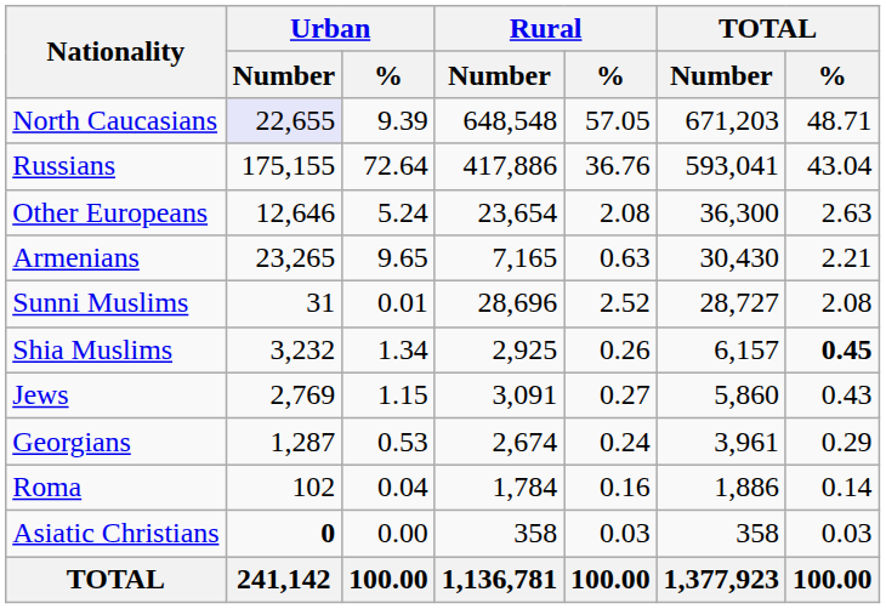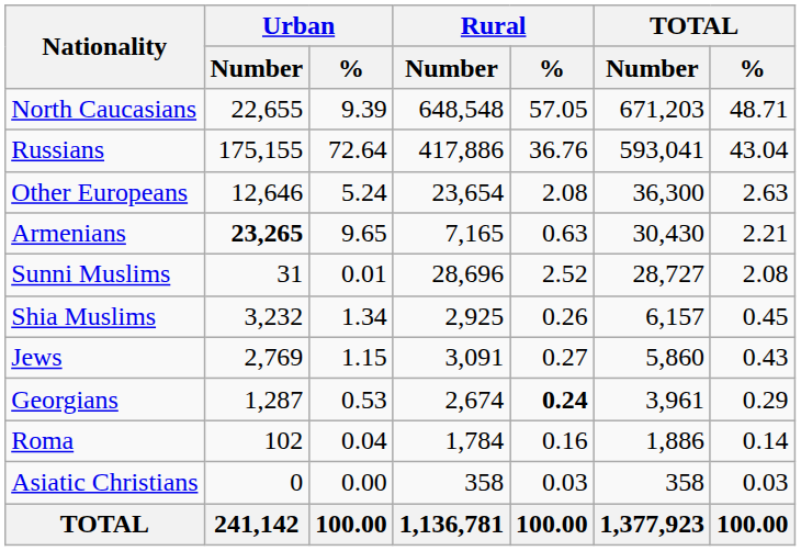 <table class="wikitable sortable">
 <tr>
 <th rowspan="2">Nationality</th>
 <th colspan="2"><a href='#'>Urban</a></th>
 <th colspan="2"><a href='#'>Rural</a></th>
 <th colspan="2">TOTAL</th>
 </tr>
 <tr>
 <th>Number</th>
 <th>%</th>
 <th>Number</th>
 <th>%</th>
 <th>Number</th>
 <th>%</th>
 </tr>
 <tr>
 <td><a href='#'>North Caucasians</a></td>
-<td align="right" style="background: lavender;">22,655</td>
+<td align="right">22,655</td>
 <td align="right">9.39</td>
 <td align="right">648,548</td>
 <td align="right">57.05</td>
 <td align="right">671,203</td>
 <td align="right">48.71</td>
 </tr>
 <tr>
 <td><a href='#'>Russians</a></td>
 <td align="right">175,155</td>
 <td align="right">72.64</td>
 <td align="right">417,886</td>
 <td align="right">36.76</td>
 <td align="right">593,041</td>
 <td align="right">43.04</td>
 </tr>
 <tr>
 <td><a href='#'>Other Europeans</a></td>
 <td align="right">12,646</td>
 <td align="right">5.24</td>
 <td align="right">23,654</td>
 <td align="right">2.08</td>
 <td align="right">36,300</td>
 <td align="right">2.63</td>
 </tr>
 <tr>
 <td><a href='#'>Armenians</a></td>
-<td align="right">23,265</td>
+<td align="right"><strong>23,265</strong></td>
 <td align="right">9.65</td>
 <td align="right">7,165</td>
 <td align="right">0.63</td>
 <td align="right">30,430</td>
 <td align="right">2.21</td>
 </tr>
 <tr>
 <td><a href='#'>Sunni Muslims</a></td>
 <td align="right">31</td>
 <td align="right">0.01</td>
 <td align="right">28,696</td>
 <td align="right">2.52</td>
 <td align="right">28,727</td>
 <td align="right">2.08</td>
 </tr>
 <tr>
 <td><a href='#'>Shia Muslims</a></td>
 <td align="right">3,232</td>
 <td align="right">1.34</td>
 <td align="right">2,925</td>
 <td align="right">0.26</td>
 <td align="right">6,157</td>
-<td align="right"><strong>0.45</strong></td>
+<td align="right">0.45</td>
 </tr>
 <tr>
 <td><a href='#'>Jews</a></td>
 <td align="right">2,769</td>
 <td align="right">1.15</td>
 <td align="right">3,091</td>
 <td align="right">0.27</td>
 <td align="right">5,860</td>
 <td align="right">0.43</td>
 </tr>
 <tr>
 <td><a href='#'>Georgians</a></td>
 <td align="right">1,287</td>
 <td align="right">0.53</td>
 <td align="right">2,674</td>
-<td align="right">0.24</td>
+<td align="right"><strong>0.24</strong></td>
 <td align="right">3,961</td>
 <td align="right">0.29</td>
 </tr>
 <tr>
 <td><a href='#'>Roma</a></td>
 <td align="right">102</td>
 <td align="right">0.04</td>
 <td align="right">1,784</td>
 <td align="right">0.16</td>
 <td align="right">1,886</td>
 <td align="right">0.14</td>
 </tr>
 <tr>
 <td><a href='#'>Asiatic Christians</a></td>
-<td align="right"><strong>0</strong></td>
+<td align="right">0</td>
 <td align="right">0.00</td>
 <td align="right">358</td>
 <td align="right">0.03</td>
 <td align="right">358</td>
 <td align="right">0.03</td>
 </tr>
 <tr>
 <th>TOTAL</th>
 <th>241,142</th>
 <th>100.00</th>
 <th>1,136,781</th>
 <th>100.00</th>
 <th>1,377,923</th>
 <th>100.00</th>
 </tr>
 </table>
